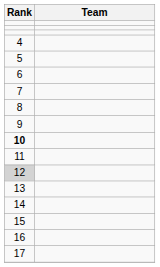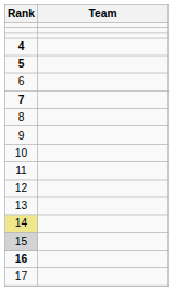 <table class="wikitable" style="text-align: center;">
 <tr>
 <th width=40>Rank</th>
 <th width=180>Team</th>
 </tr>
 <tr align=center>
 <td></td>
 <td style="text-align:left;"></td>
 </tr>
 <tr align=center>
 <td></td>
 <td style="text-align:left;"></td>
 </tr>
 <tr align=center>
 <td></td>
 <td style="text-align:left;"></td>
 </tr>
 <tr align=center>
-<td>4</td>
+<td><strong>4</strong></td>
 <td style="text-align:left;"></td>
 </tr>
 <tr align=center>
-<td>5</td>
+<td><strong>5</strong></td>
 <td style="text-align:left;"></td>
 </tr>
 <tr align=center>
 <td>6</td>
 <td style="text-align:left;"></td>
 </tr>
 <tr align=center>
-<td>7</td>
+<td><strong>7</strong></td>
 <td style="text-align:left;"></td>
 </tr>
 <tr align=center>
 <td>8</td>
 <td style="text-align:left;"></td>
 </tr>
 <tr align=center>
 <td>9</td>
 <td style="text-align:left;"></td>
 </tr>
 <tr align=center>
-<td><strong>10</strong></td>
+<td>10</td>
 <td style="text-align:left;"></td>
 </tr>
 <tr align=center>
 <td>11</td>
 <td style="text-align:left;"></td>
 </tr>
 <tr align=center>
-<td style="background: lightgrey;">12</td>
+<td>12</td>
 <td style="text-align:left;"></td>
 </tr>
 <tr align=center>
 <td>13</td>
 <td style="text-align:left;"></td>
 </tr>
 <tr align=center>
-<td>14</td>
+<td style="background: khaki;">14</td>
 <td style="text-align:left;"></td>
 </tr>
 <tr align=center>
-<td>15</td>
+<td style="background: lightgrey;">15</td>
 <td style="text-align:left;"></td>
 </tr>
 <tr align=center>
-<td>16</td>
+<td><strong>16</strong></td>
 <td style="text-align:left;"></td>
 </tr>
 <tr align=center>
 <td>17</td>
 <td style="text-align:left;"></td>
 </tr>
 <tr align=center>
 </tr>
 </table>
